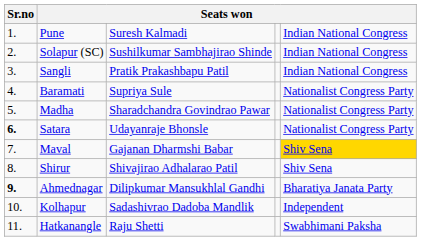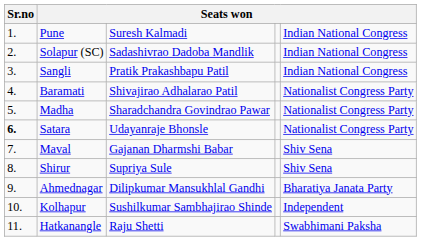 <table class="wikitable">
 <tr>
 <th>Sr.no</th>
 <th colspan="4">Seats won</th>
 </tr>
 <tr>
 <td>1.</td>
 <td><a href='#'>Pune</a></td>
 <td><a href='#'>Suresh Kalmadi</a></td>
 <td style="background-color: "></td>
 <td><a href='#'>Indian National Congress</a></td>
 </tr>
 <tr>
 <td>2.</td>
 <td><a href='#'>Solapur</a> (SC)</td>
-<td><a href='#'>Sushilkumar Sambhajirao Shinde</a></td>
+<td><a href='#'>Sadashivrao Dadoba Mandlik</a></td>
 <td style="background-color: "></td>
 <td><a href='#'>Indian National Congress</a></td>
 </tr>
 <tr>
 <td>3.</td>
 <td><a href='#'>Sangli</a></td>
 <td><a href='#'>Pratik Prakashbapu Patil</a></td>
 <td style="background-color: "></td>
 <td><a href='#'>Indian National Congress</a></td>
 </tr>
 <tr>
 <td>4.</td>
 <td><a href='#'>Baramati</a></td>
-<td><a href='#'>Supriya Sule</a></td>
+<td><a href='#'>Shivajirao Adhalarao Patil</a></td>
 <td style="background-color: "></td>
 <td><a href='#'>Nationalist Congress Party</a></td>
 </tr>
 <tr>
 <td>5.</td>
 <td><a href='#'>Madha</a></td>
 <td><a href='#'>Sharadchandra Govindrao Pawar</a></td>
 <td style="background-color: "></td>
 <td><a href='#'>Nationalist Congress Party</a></td>
 </tr>
 <tr>
 <td><strong>6.</strong></td>
 <td><a href='#'>Satara</a></td>
 <td><a href='#'>Udayanraje Bhonsle</a></td>
 <td style="background-color: "></td>
 <td><a href='#'>Nationalist Congress Party</a></td>
 </tr>
 <tr>
 <td>7.</td>
 <td><a href='#'>Maval</a></td>
 <td><a href='#'>Gajanan Dharmshi Babar</a></td>
 <td style="background-color: "></td>
-<td style="background: gold;"><a href='#'>Shiv Sena</a></td>
+<td><a href='#'>Shiv Sena</a></td>
 </tr>
 <tr>
 <td>8.</td>
 <td><a href='#'>Shirur</a></td>
-<td><a href='#'>Shivajirao Adhalarao Patil</a></td>
+<td><a href='#'>Supriya Sule</a></td>
 <td style="background-color: "></td>
 <td><a href='#'>Shiv Sena</a></td>
 </tr>
 <tr>
-<td><strong>9.</strong></td>
+<td>9.</td>
 <td><a href='#'>Ahmednagar</a></td>
 <td><a href='#'>Dilipkumar Mansukhlal Gandhi</a></td>
 <td style="background-color:"></td>
 <td><a href='#'>Bharatiya Janata Party</a></td>
 </tr>
 <tr>
 <td>10.</td>
 <td><a href='#'>Kolhapur</a></td>
-<td><a href='#'>Sadashivrao Dadoba Mandlik</a></td>
+<td><a href='#'>Sushilkumar Sambhajirao Shinde</a></td>
 <td style="background-color:"></td>
 <td><a href='#'>Independent</a></td>
 </tr>
 <tr>
 <td>11.</td>
 <td><a href='#'>Hatkanangle</a></td>
 <td><a href='#'>Raju Shetti</a></td>
 <td style="background-color: "></td>
 <td><a href='#'>Swabhimani Paksha</a></td>
 </tr>
 </table>
